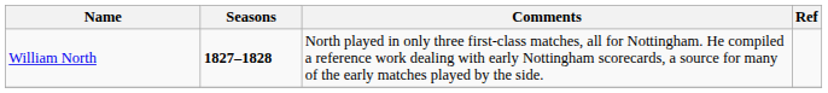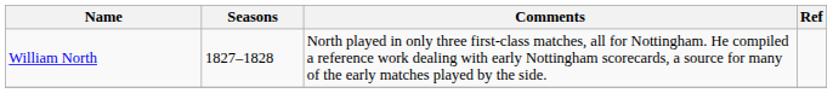 <table class="wikitable">
 <tr>
 <th style="width:200px">Name</th>
 <th style="width: 100px">Seasons</th>
 <th>Comments</th>
 <th>Ref</th>
 </tr>
 <tr>
 <td><a href='#'>William North</a></td>
-<td><strong>1827–1828</strong></td>
+<td>1827–1828</td>
 <td>North played in only three first-class matches, all for Nottingham. He compiled a reference work dealing with early Nottingham scorecards, a source for many of the early matches played by the side.</td>
 <td></td>
 </tr>
 <tr>
 </tr>
 </table>
